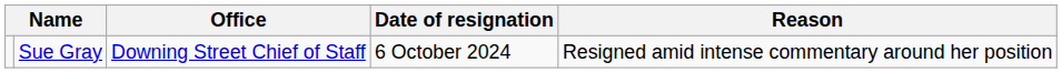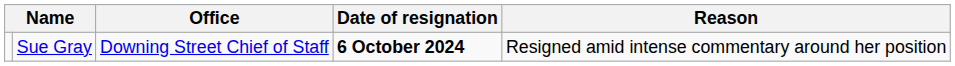 <table class="wikitable">
 <tr>
 <th colspan="2">Name</th>
 <th>Office</th>
 <th>Date of resignation</th>
 <th>Reason</th>
 </tr>
 <tr>
 <td></td>
 <td><a href='#'>Sue Gray</a></td>
 <td><a href='#'>Downing Street Chief of Staff</a></td>
-<td>6 October 2024</td>
+<td><strong>6 October 2024</strong></td>
 <td>Resigned amid intense commentary around her position</td>
 </tr>
 </table>
